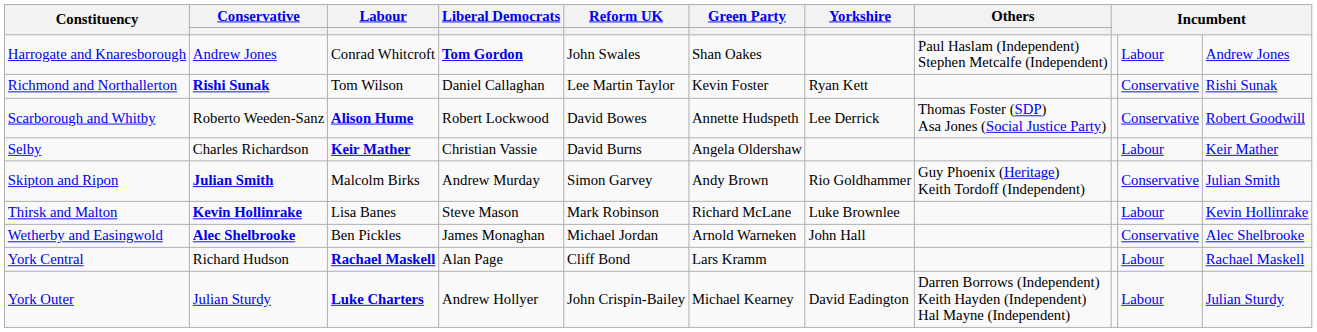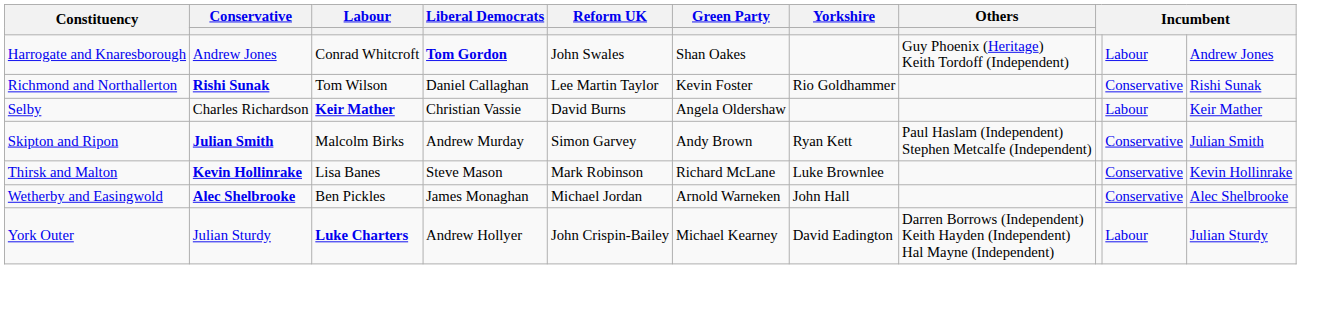 <table class="wikitable sortable sticky-header">
 <tr>
 <th rowspan="2">Constituency</th>
 <th><a href='#'>Conservative</a></th>
 <th><a href='#'>Labour</a></th>
 <th><a href='#'>Liberal Democrats</a></th>
 <th><a href='#'>Reform UK</a></th>
 <th><a href='#'>Green Party</a></th>
 <th><a href='#'>Yorkshire</a></th>
 <th>Others</th>
 <th colspan="3" rowspan="2">Incumbent</th>
 </tr>
 <tr>
 <th class="unsortable" style="background-color: "></th>
 <th class="unsortable" style="background-color: "></th>
 <th class="unsortable" style="background-color: "></th>
 <th class="unsortable" style="background-color: "></th>
 <th class="unsortable" style="background-color: "></th>
 <th class="unsortable" style="background-color: "></th>
 <th></th>
 </tr>
 <tr>
 <td><a href='#'>Harrogate and Knaresborough</a></td>
 <td><a href='#'>Andrew Jones</a></td>
 <td>Conrad Whitcroft</td>
 <td><strong><a href='#'>Tom Gordon</a></strong></td>
 <td>John Swales</td>
 <td>Shan Oakes</td>
 <td></td>
-<td>Paul Haslam (Independent)<br>Stephen Metcalfe (Independent)</td>
+<td>Guy Phoenix (<a href='#'>Heritage</a>)<br>Keith Tordoff (Independent)</td>
 <td></td>
 <td><a href='#'>Labour</a></td>
 <td><a href='#'>Andrew Jones</a></td>
 </tr>
 <tr>
 <td><a href='#'>Richmond and Northallerton</a></td>
 <td><strong><a href='#'>Rishi Sunak</a></strong></td>
 <td>Tom Wilson</td>
 <td>Daniel Callaghan</td>
 <td>Lee Martin Taylor</td>
 <td>Kevin Foster</td>
-<td>Ryan Kett</td>
+<td>Rio Goldhammer</td>
 <td></td>
 <td></td>
 <td><a href='#'>Conservative</a></td>
 <td><a href='#'>Rishi Sunak</a></td>
-</tr>
-<tr>
-<td><a href='#'>Scarborough and Whitby</a></td>
-<td>Roberto Weeden-Sanz</td>
-<td><strong><a href='#'>Alison Hume</a></strong></td>
-<td>Robert Lockwood</td>
-<td>David Bowes</td>
-<td>Annette Hudspeth</td>
-<td>Lee Derrick</td>
-<td>Thomas Foster (<a href='#'>SDP</a>)<br>Asa Jones (<a href='#'>Social Justice Party</a>)</td>
-<td></td>
-<td><a href='#'>Conservative</a></td>
-<td><a href='#'>Robert Goodwill</a></td>
 </tr>
 <tr>
 <td><a href='#'>Selby</a></td>
 <td>Charles Richardson</td>
 <td><strong><a href='#'>Keir Mather</a></strong></td>
 <td>Christian Vassie</td>
 <td>David Burns</td>
 <td>Angela Oldershaw</td>
 <td></td>
 <td></td>
 <td></td>
 <td><a href='#'>Labour</a></td>
 <td><a href='#'>Keir Mather</a></td>
 </tr>
 <tr>
 <td><a href='#'>Skipton and Ripon</a></td>
 <td><strong><a href='#'>Julian Smith</a></strong></td>
 <td>Malcolm Birks</td>
 <td>Andrew Murday</td>
 <td>Simon Garvey</td>
 <td>Andy Brown</td>
-<td>Rio Goldhammer</td>
-<td>Guy Phoenix (<a href='#'>Heritage</a>)<br>Keith Tordoff (Independent)</td>
+<td>Ryan Kett</td>
+<td>Paul Haslam (Independent)<br>Stephen Metcalfe (Independent)</td>
 <td></td>
 <td><a href='#'>Conservative</a></td>
 <td><a href='#'>Julian Smith</a></td>
 </tr>
 <tr>
 <td><a href='#'>Thirsk and Malton</a></td>
 <td><strong><a href='#'>Kevin Hollinrake</a></strong></td>
 <td>Lisa Banes</td>
 <td>Steve Mason</td>
 <td>Mark Robinson</td>
 <td>Richard McLane</td>
 <td>Luke Brownlee</td>
 <td></td>
 <td></td>
-<td><a href='#'>Labour</a></td>
+<td><a href='#'>Conservative</a></td>
 <td><a href='#'>Kevin Hollinrake</a></td>
 </tr>
 <tr>
 <td><a href='#'>Wetherby and Easingwold</a></td>
 <td><strong><a href='#'>Alec Shelbrooke</a></strong></td>
 <td>Ben Pickles</td>
 <td>James Monaghan</td>
 <td>Michael Jordan</td>
 <td>Arnold Warneken</td>
 <td>John Hall</td>
 <td></td>
 <td></td>
 <td><a href='#'>Conservative</a></td>
 <td><a href='#'>Alec Shelbrooke</a></td>
 </tr>
 <tr>
-<td><a href='#'>York Central</a></td>
-<td>Richard Hudson</td>
-<td><strong><a href='#'>Rachael Maskell</a></strong></td>
-<td>Alan Page</td>
-<td>Cliff Bond</td>
-<td>Lars Kramm</td>
-<td></td>
-<td></td>
-<td></td>
-<td><a href='#'>Labour</a></td>
-<td><a href='#'>Rachael Maskell</a></td>
-</tr>
-<tr>
 <td><a href='#'>York Outer</a></td>
 <td><a href='#'>Julian Sturdy</a></td>
 <td><strong><a href='#'>Luke Charters</a></strong></td>
 <td>Andrew Hollyer</td>
 <td>John Crispin-Bailey</td>
 <td>Michael Kearney</td>
 <td>David Eadington</td>
 <td>Darren Borrows (Independent)<br>Keith Hayden (Independent)<br>Hal Mayne (Independent)</td>
 <td></td>
 <td><a href='#'>Labour</a></td>
 <td><a href='#'>Julian Sturdy</a></td>
 </tr>
 </table>
